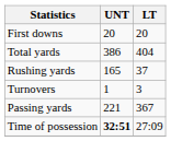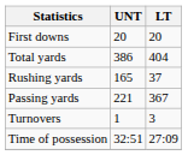 <table class="wikitable" style="float: left;">
 <tr>
 <th>Statistics</th>
 <th>UNT</th>
 <th>LT</th>
 </tr>
 <tr>
 <td>First downs</td>
 <td>20</td>
 <td>20</td>
 </tr>
 <tr>
 <td>Total yards</td>
 <td>386</td>
 <td>404</td>
 </tr>
 <tr>
 <td>Rushing yards</td>
 <td>165</td>
 <td>37</td>
 </tr>
 <tr>
+<td>Passing yards</td>
+<td>221</td>
+<td>367</td>
+</tr>
+<tr>
 <td>Turnovers</td>
 <td>1</td>
 <td>3</td>
 </tr>
 <tr>
-<td>Passing yards</td>
-<td>221</td>
-<td>367</td>
-</tr>
-<tr>
 <td>Time of possession</td>
-<td><strong>32:51</strong></td>
+<td>32:51</td>
 <td>27:09</td>
 </tr>
 <tr>
 </tr>
 </table>
